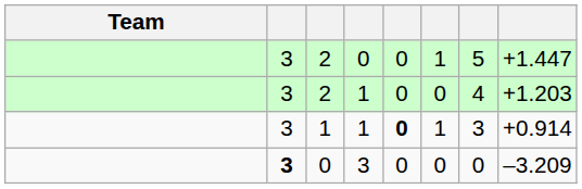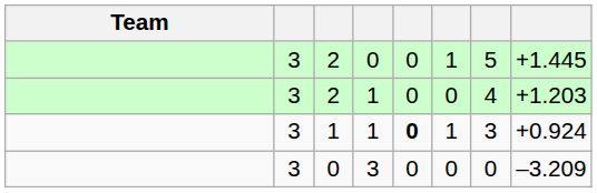 <table class="wikitable" style="text-align:center">
 <tr>
 <th width=180>Team</th>
 <th width=20></th>
 <th width=20></th>
 <th width=20></th>
 <th width=20></th>
 <th width=20></th>
 <th width=20></th>
 <th width=45></th>
 </tr>
 <tr style="background:#cfc">
 <td align="left"></td>
 <td>3</td>
 <td>2</td>
 <td>0</td>
 <td>0</td>
 <td>1</td>
 <td>5</td>
-<td>+1.447</td>
+<td>+1.445</td>
 </tr>
 <tr style="background:#cfc">
 <td align="left"></td>
 <td>3</td>
 <td>2</td>
 <td>1</td>
 <td>0</td>
 <td>0</td>
 <td>4</td>
 <td>+1.203</td>
 </tr>
 <tr>
 <td align="left"></td>
 <td>3</td>
 <td>1</td>
 <td>1</td>
 <td><strong>0</strong></td>
 <td>1</td>
 <td>3</td>
-<td>+0.914</td>
+<td>+0.924</td>
 </tr>
 <tr>
 <td align="left"></td>
-<td><strong>3</strong></td>
+<td>3</td>
 <td>0</td>
 <td>3</td>
 <td>0</td>
 <td>0</td>
 <td>0</td>
 <td>–3.209</td>
 </tr>
 </table>
